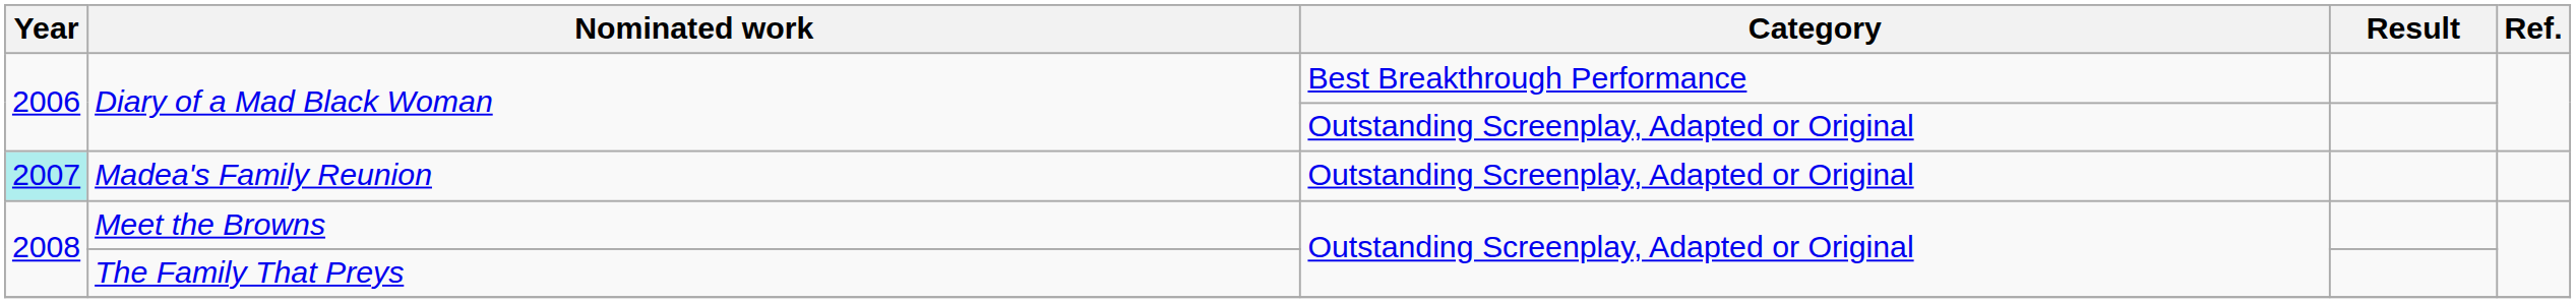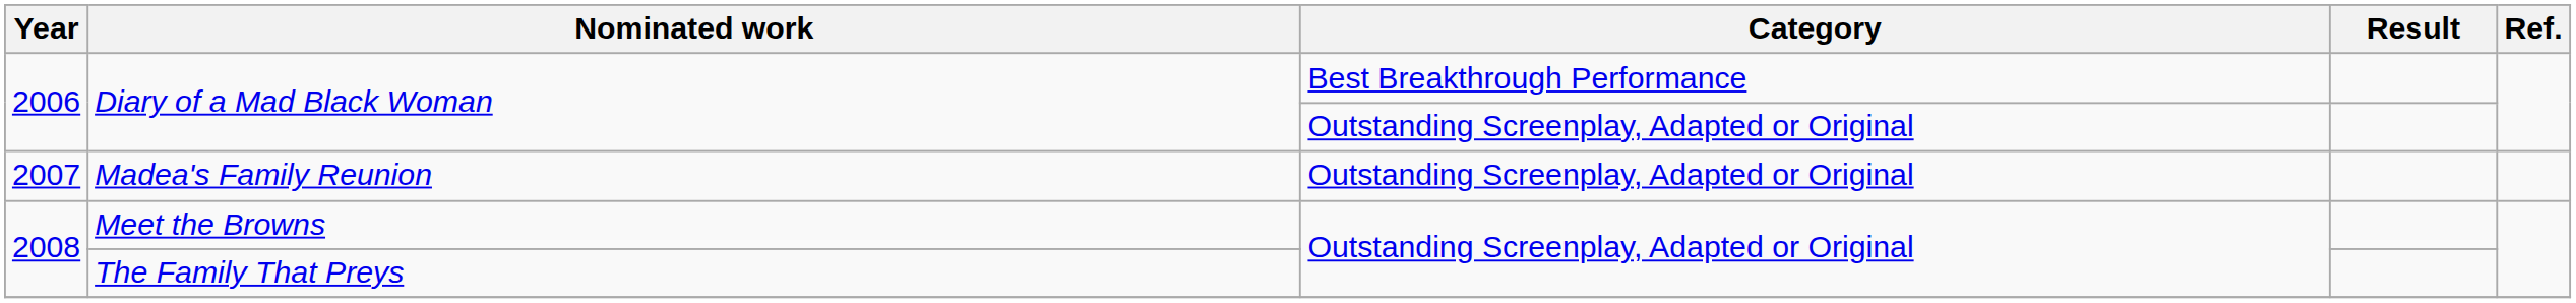 <table class=wikitable>
 <tr>
 <th scope="col" style="width:1em;">Year</th>
 <th scope="col" style="width:39em;">Nominated work</th>
 <th scope="col" style="width:33em;">Category</th>
 <th scope="col" style="width:5em;">Result</th>
 <th scope="col" style="width:1em;">Ref.</th>
 </tr>
 <tr>
 <td rowspan="2"><a href='#'>2006</a></td>
 <td rowspan="2"><em><a href='#'>Diary of a Mad Black Woman</a></em></td>
 <td><a href='#'>Best Breakthrough Performance</a></td>
 <td></td>
 <td style="text-align:center;" rowspan="2"></td>
 </tr>
 <tr>
 <td><a href='#'>Outstanding Screenplay, Adapted or Original</a></td>
 <td></td>
 </tr>
 <tr>
-<td style="background: paleturquoise;"><a href='#'>2007</a></td>
+<td><a href='#'>2007</a></td>
 <td><em><a href='#'>Madea's Family Reunion</a></em></td>
 <td><a href='#'>Outstanding Screenplay, Adapted or Original</a></td>
 <td></td>
 <td style="text-align:center;"></td>
 </tr>
 <tr>
 <td rowspan="2"><a href='#'>2008</a></td>
 <td><em><a href='#'>Meet the Browns</a></em></td>
 <td rowspan="2"><a href='#'>Outstanding Screenplay, Adapted or Original</a></td>
 <td></td>
 <td style="text-align:center;" rowspan="2"></td>
 </tr>
 <tr>
 <td><em><a href='#'>The Family That Preys</a></em></td>
 <td></td>
 </tr>
 <tr>
 </tr>
 </table>
